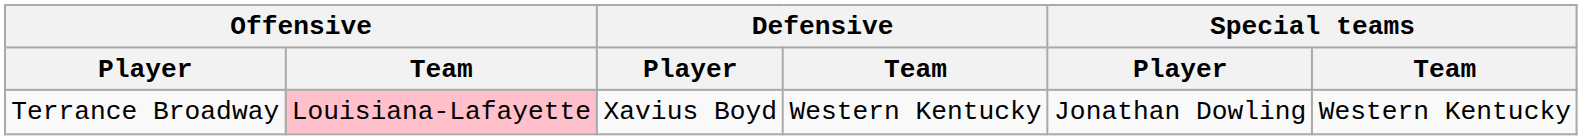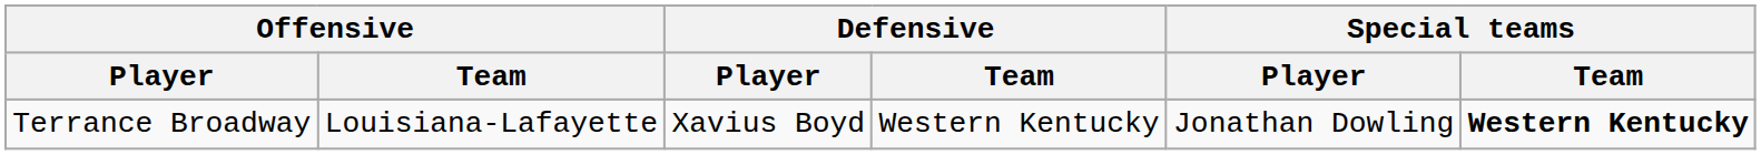 <table class="wikitable">
 <tr>
 <th colspan="2">Offensive</th>
 <th colspan="2">Defensive</th>
 <th colspan="2">Special teams</th>
 </tr>
 <tr>
 <th>Player</th>
 <th>Team</th>
 <th>Player</th>
 <th>Team</th>
 <th>Player</th>
 <th>Team</th>
 </tr>
 <tr>
 <td>Terrance Broadway</td>
-<td style="background: pink;">Louisiana-Lafayette</td>
+<td>Louisiana-Lafayette</td>
 <td>Xavius Boyd</td>
 <td>Western Kentucky</td>
 <td>Jonathan Dowling</td>
-<td>Western Kentucky</td>
+<td><strong>Western Kentucky</strong></td>
 </tr>
 </table>
